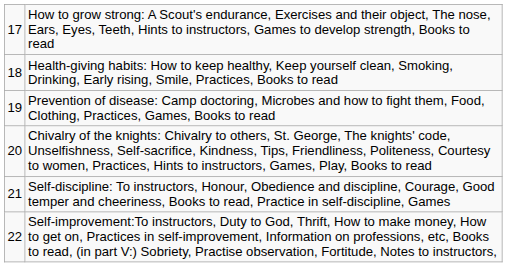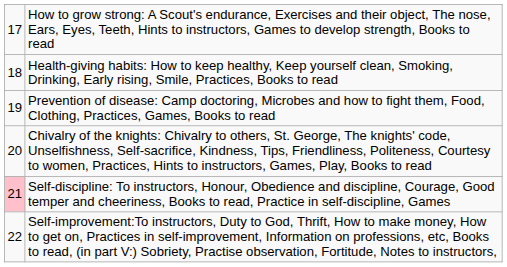 <table class=wikitable>
 <tr>
 <td>17</td>
 <td>How to grow strong: A Scout's endurance, Exercises and their object, The nose, Ears, Eyes, Teeth, Hints to instructors, Games to develop strength, Books to read</td>
 </tr>
 <tr>
 <td>18</td>
 <td>Health-giving habits: How to keep healthy, Keep yourself clean, Smoking, Drinking, Early rising, Smile, Practices, Books to read</td>
 </tr>
 <tr>
 <td>19</td>
 <td>Prevention of disease: Camp doctoring, Microbes and how to fight them, Food, Clothing, Practices, Games, Books to read</td>
 </tr>
 <tr>
 <td>20</td>
 <td>Chivalry of the knights: Chivalry to others, St. George, The knights' code, Unselfishness, Self-sacrifice, Kindness, Tips, Friendliness, Politeness, Courtesy to women, Practices, Hints to instructors, Games, Play, Books to read</td>
 </tr>
 <tr>
-<td>21</td>
+<td style="background: pink;">21</td>
 <td>Self-discipline: To instructors, Honour, Obedience and discipline, Courage, Good temper and cheeriness, Books to read, Practice in self-discipline, Games</td>
 </tr>
 <tr>
 <td>22</td>
 <td>Self-improvement:To instructors, Duty to God, Thrift, How to make money, How to get on, Practices in self-improvement, Information on professions, etc, Books to read, (in part V:) Sobriety, Practise observation, Fortitude, Notes to instructors,</td>
 </tr>
 </table>
